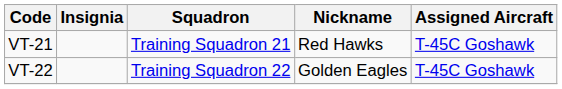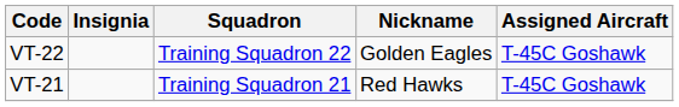 <table class="wikitable sortable">
 <tr>
 <th>Code</th>
 <th>Insignia</th>
 <th>Squadron</th>
 <th>Nickname</th>
 <th>Assigned Aircraft</th>
 </tr>
 <tr>
+<td>VT-22</td>
+<td></td>
+<td><a href='#'>Training Squadron 22</a></td>
+<td>Golden Eagles</td>
+<td><a href='#'>T-45C Goshawk</a></td>
+</tr>
+<tr>
 <td>VT-21</td>
 <td></td>
 <td><a href='#'>Training Squadron 21</a></td>
 <td>Red Hawks</td>
 <td><a href='#'>T-45C Goshawk</a></td>
 </tr>
 <tr>
-<td>VT-22</td>
-<td></td>
-<td><a href='#'>Training Squadron 22</a></td>
-<td>Golden Eagles</td>
-<td><a href='#'>T-45C Goshawk</a></td>
-</tr>
-<tr>
 </tr>
 </table>
